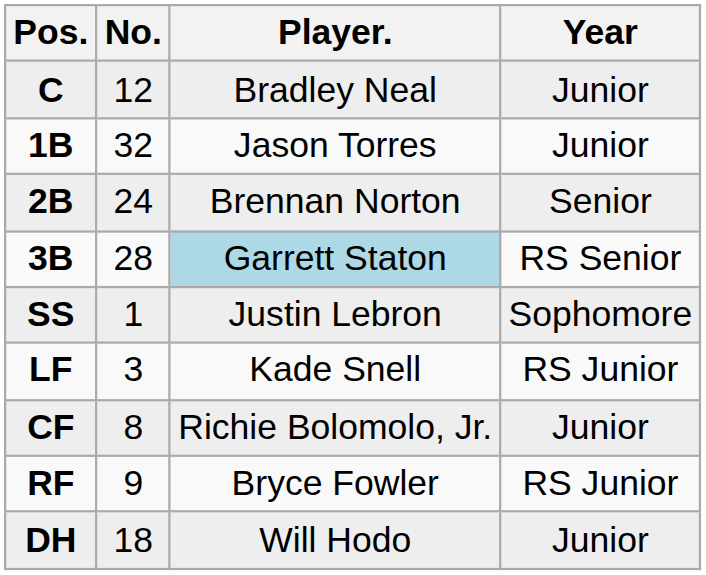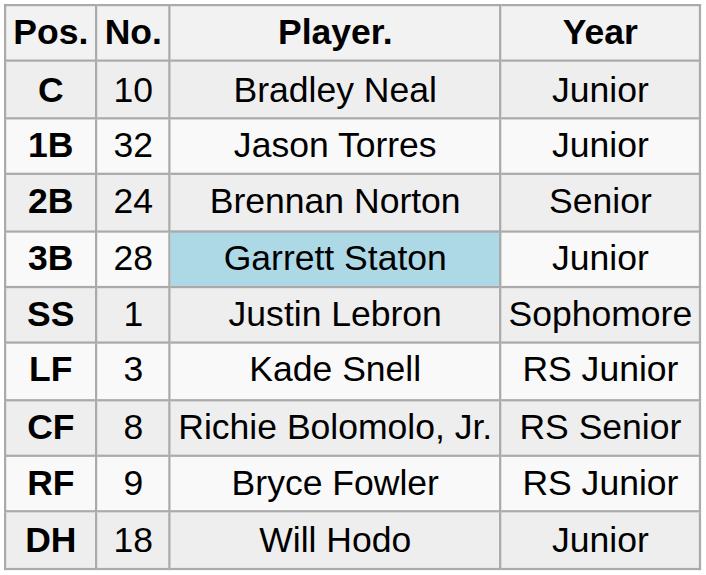 <table class="wikitable non-sortable">
 <tr>
 <th style="text-align:center; ">Pos.</th>
 <th style="text-align:center; ">No.</th>
 <th style="text-align:center; ">Player.</th>
 <th style="text-align:center; ">Year</th>
 </tr>
 <tr style="background:#eeeeee;text-align:center;">
 <td><strong>C</strong></td>
-<td>12</td>
+<td>10</td>
 <td>Bradley Neal</td>
 <td>Junior</td>
 </tr>
 <tr style="text-align:center;">
 <td><strong>1B</strong></td>
 <td>32</td>
 <td>Jason Torres</td>
 <td>Junior</td>
 </tr>
 <tr style="background:#eeeeee;text-align:center;">
 <td><strong>2B</strong></td>
 <td>24</td>
 <td>Brennan Norton</td>
 <td>Senior</td>
 </tr>
 <tr style="text-align:center;">
 <td><strong>3B</strong></td>
 <td>28</td>
 <td style="background: lightblue;">Garrett Staton</td>
-<td>RS Senior</td>
+<td>Junior</td>
 </tr>
 <tr style="background:#eeeeee;text-align:center;">
 <td><strong>SS</strong></td>
 <td>1</td>
 <td>Justin Lebron</td>
 <td>Sophomore</td>
 </tr>
 <tr style="text-align:center;">
 <td><strong>LF</strong></td>
 <td>3</td>
 <td>Kade Snell</td>
 <td>RS Junior</td>
 </tr>
 <tr style="background:#eeeeee;text-align:center;">
 <td><strong>CF</strong></td>
 <td>8</td>
 <td>Richie Bolomolo, Jr.</td>
-<td>Junior</td>
+<td>RS Senior</td>
 </tr>
 <tr style="text-align:center;">
 <td><strong>RF</strong></td>
 <td>9</td>
 <td>Bryce Fowler</td>
 <td>RS Junior</td>
 </tr>
 <tr style="background:#eeeeee;text-align:center;">
 <td><strong>DH</strong></td>
 <td>18</td>
 <td>Will Hodo</td>
 <td>Junior</td>
 </tr>
 </table>
